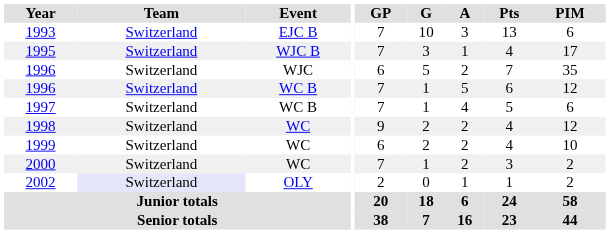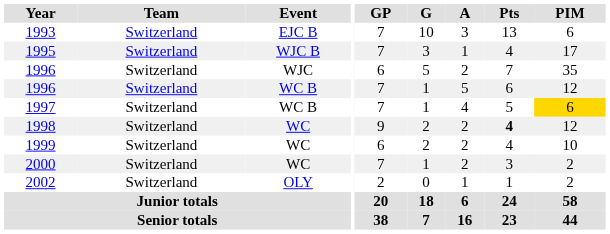 <table border="0" cellpadding="1" cellspacing="0" ID="Table3" style="text-align:center; width:40em">
 <tr bgcolor="#e0e0e0">
 <th>Year</th>
 <th>Team</th>
 <th>Event</th>
 <th rowspan="102" bgcolor="#ffffff"></th>
 <th>GP</th>
 <th>G</th>
 <th>A</th>
 <th>Pts</th>
 <th>PIM</th>
 </tr>
 <tr>
 <td><a href='#'>1993</a></td>
 <td><a href='#'>Switzerland</a></td>
 <td><a href='#'>EJC B</a></td>
 <td>7</td>
 <td>10</td>
 <td>3</td>
 <td>13</td>
 <td>6</td>
 </tr>
 <tr bgcolor="#f0f0f0">
 <td><a href='#'>1995</a></td>
 <td><a href='#'>Switzerland</a></td>
 <td><a href='#'>WJC B</a></td>
 <td>7</td>
 <td>3</td>
 <td>1</td>
 <td>4</td>
 <td>17</td>
 </tr>
 <tr>
 <td><a href='#'>1996</a></td>
 <td>Switzerland</td>
 <td>WJC</td>
 <td>6</td>
 <td>5</td>
 <td>2</td>
 <td>7</td>
 <td>35</td>
 </tr>
 <tr bgcolor="#f0f0f0">
 <td><a href='#'>1996</a></td>
 <td><a href='#'>Switzerland</a></td>
 <td><a href='#'>WC B</a></td>
 <td>7</td>
 <td>1</td>
 <td>5</td>
 <td>6</td>
 <td>12</td>
 </tr>
 <tr>
 <td><a href='#'>1997</a></td>
 <td>Switzerland</td>
 <td>WC B</td>
 <td>7</td>
 <td>1</td>
 <td>4</td>
 <td>5</td>
-<td>6</td>
+<td style="background: gold;">6</td>
 </tr>
 <tr bgcolor="#f0f0f0">
 <td><a href='#'>1998</a></td>
 <td>Switzerland</td>
 <td><a href='#'>WC</a></td>
 <td>9</td>
 <td>2</td>
 <td>2</td>
-<td>4</td>
+<td><strong>4</strong></td>
 <td>12</td>
 </tr>
 <tr>
 <td><a href='#'>1999</a></td>
 <td>Switzerland</td>
 <td>WC</td>
 <td>6</td>
 <td>2</td>
 <td>2</td>
 <td>4</td>
 <td>10</td>
 </tr>
 <tr bgcolor="#f0f0f0">
 <td><a href='#'>2000</a></td>
 <td>Switzerland</td>
 <td>WC</td>
 <td>7</td>
 <td>1</td>
 <td>2</td>
 <td>3</td>
 <td>2</td>
 </tr>
 <tr>
 <td><a href='#'>2002</a></td>
-<td style="background: lavender;">Switzerland</td>
+<td>Switzerland</td>
 <td><a href='#'>OLY</a></td>
 <td>2</td>
 <td>0</td>
 <td>1</td>
 <td>1</td>
 <td>2</td>
 </tr>
 <tr bgcolor="#e0e0e0">
 <th colspan="3">Junior totals</th>
 <th>20</th>
 <th>18</th>
 <th>6</th>
 <th>24</th>
 <th>58</th>
 </tr>
 <tr bgcolor="#e0e0e0">
 <th colspan="3">Senior totals</th>
 <th>38</th>
 <th>7</th>
 <th>16</th>
 <th>23</th>
 <th>44</th>
 </tr>
 </table>
